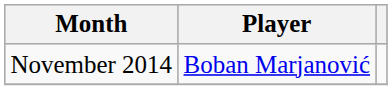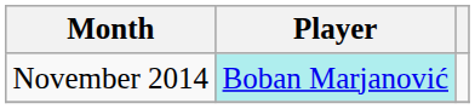 <table class="wikitable" style="text-align: center;">
 <tr>
 <th>Month</th>
 <th>Player</th>
 <th></th>
 </tr>
 <tr>
 <td>November 2014</td>
-<td align="left"> <a href='#'>Boban Marjanović</a></td>
+<td align="left" style="background: paleturquoise;"> <a href='#'>Boban Marjanović</a></td>
 <td></td>
 </tr>
 <tr>
 </tr>
 </table>
